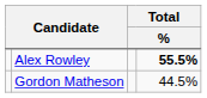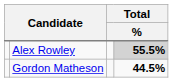 <table class="wikitable" style="font-size: 95%;">
 <tr>
 <th colspan="2" scope="col" rowspan="2" width="125">Candidate</th>
 <th scope="col" colspan="3" width="75">Total</th>
 </tr>
 <tr style="background-color:#E9E9E9; border-bottom: 2px solid gray;">
 <th scope="col" colspan="3" width="75">%</th>
 </tr>
 <tr align="right">
 <td style="background-color: "></td>
 <td scope="row" align="left"><a href='#'>Alex Rowley</a></td>
 <td align=center></td>
-<td><strong>55.5%</strong></td>
+<td style="background: lightgrey;"><strong>55.5%</strong></td>
 </tr>
 <tr align="right">
 <td style="background-color: "></td>
 <td scope="row" align="left"><a href='#'>Gordon Matheson</a></td>
 <td align=center></td>
-<td>44.5%</td>
+<td><strong>44.5%</strong></td>
 </tr>
 </table>
